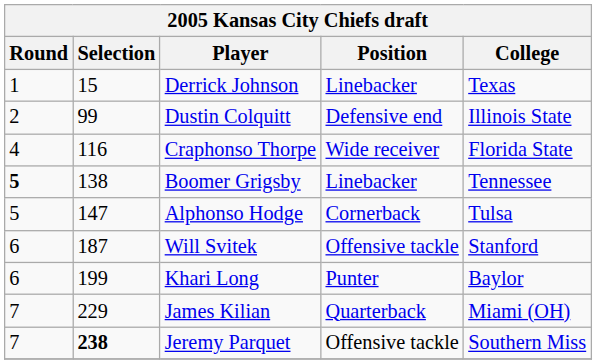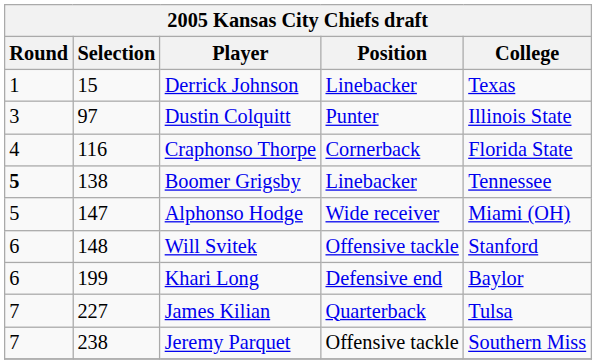 <table class="wikitable">
 <tr>
 <th colspan=5>2005 Kansas City Chiefs draft</th>
 </tr>
 <tr>
 <th>Round</th>
 <th>Selection</th>
 <th>Player</th>
 <th>Position</th>
 <th>College</th>
 </tr>
 <tr>
 <td>1</td>
 <td>15</td>
 <td><a href='#'>Derrick Johnson</a></td>
 <td><a href='#'>Linebacker</a></td>
 <td><a href='#'>Texas</a></td>
 </tr>
 <tr>
-<td>2</td>
-<td>99</td>
+<td>3</td>
+<td>97</td>
 <td><a href='#'>Dustin Colquitt</a></td>
-<td><a href='#'>Defensive end</a></td>
+<td><a href='#'>Punter</a></td>
 <td><a href='#'>Illinois State</a></td>
 </tr>
 <tr>
 <td>4</td>
 <td>116</td>
 <td><a href='#'>Craphonso Thorpe</a></td>
-<td><a href='#'>Wide receiver</a></td>
+<td><a href='#'>Cornerback</a></td>
 <td><a href='#'>Florida State</a></td>
 </tr>
 <tr>
 <td><strong>5</strong></td>
 <td>138</td>
 <td><a href='#'>Boomer Grigsby</a></td>
 <td><a href='#'>Linebacker</a></td>
 <td><a href='#'>Tennessee</a></td>
 </tr>
 <tr>
 <td>5</td>
 <td>147</td>
 <td><a href='#'>Alphonso Hodge</a></td>
-<td><a href='#'>Cornerback</a></td>
-<td><a href='#'>Tulsa</a></td>
+<td><a href='#'>Wide receiver</a></td>
+<td><a href='#'>Miami (OH)</a></td>
 </tr>
 <tr>
 <td>6</td>
-<td>187</td>
+<td>148</td>
 <td><a href='#'>Will Svitek</a></td>
 <td><a href='#'>Offensive tackle</a></td>
 <td><a href='#'>Stanford</a></td>
 </tr>
 <tr>
 <td>6</td>
 <td>199</td>
 <td><a href='#'>Khari Long</a></td>
-<td><a href='#'>Punter</a></td>
+<td><a href='#'>Defensive end</a></td>
 <td><a href='#'>Baylor</a></td>
 </tr>
 <tr>
 <td>7</td>
-<td>229</td>
+<td>227</td>
 <td><a href='#'>James Kilian</a></td>
 <td><a href='#'>Quarterback</a></td>
-<td><a href='#'>Miami (OH)</a></td>
+<td><a href='#'>Tulsa</a></td>
 </tr>
 <tr>
 <td>7</td>
-<td><strong>238</strong></td>
+<td>238</td>
 <td><a href='#'>Jeremy Parquet</a></td>
 <td>Offensive tackle</td>
 <td><a href='#'>Southern Miss</a></td>
 </tr>
 <tr>
 </tr>
 </table>
